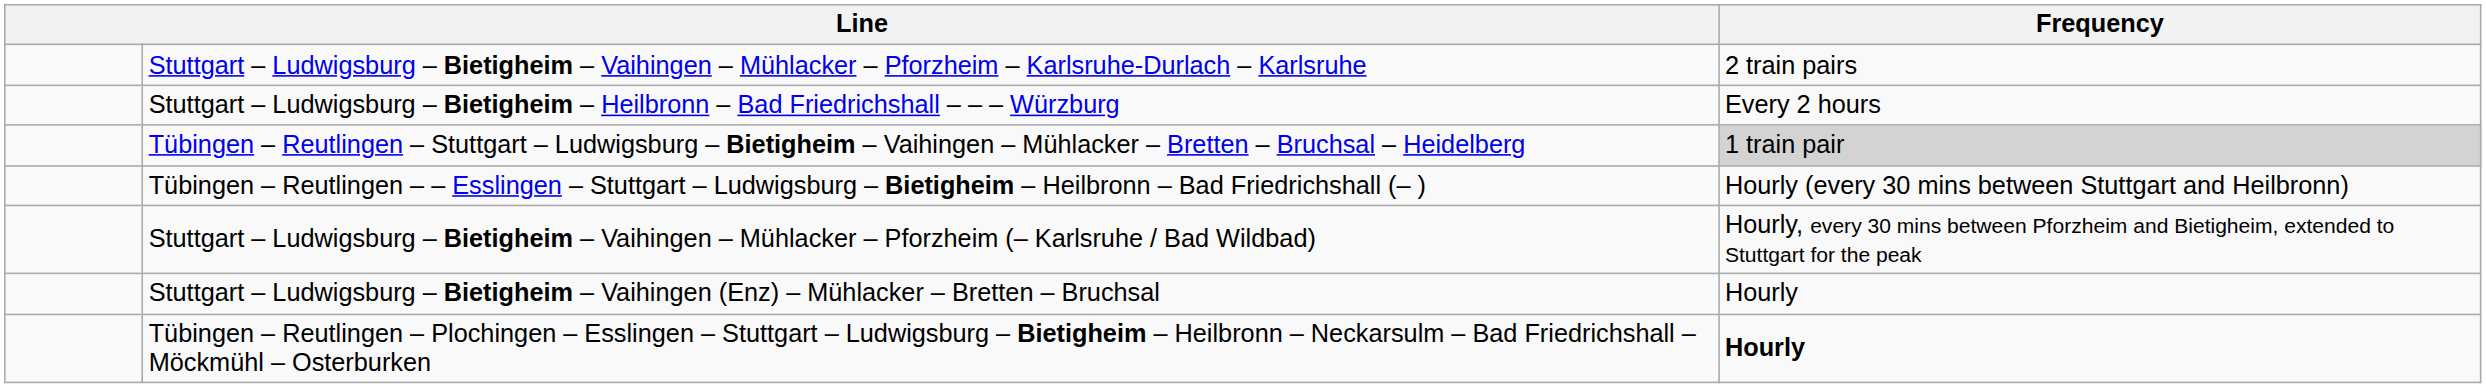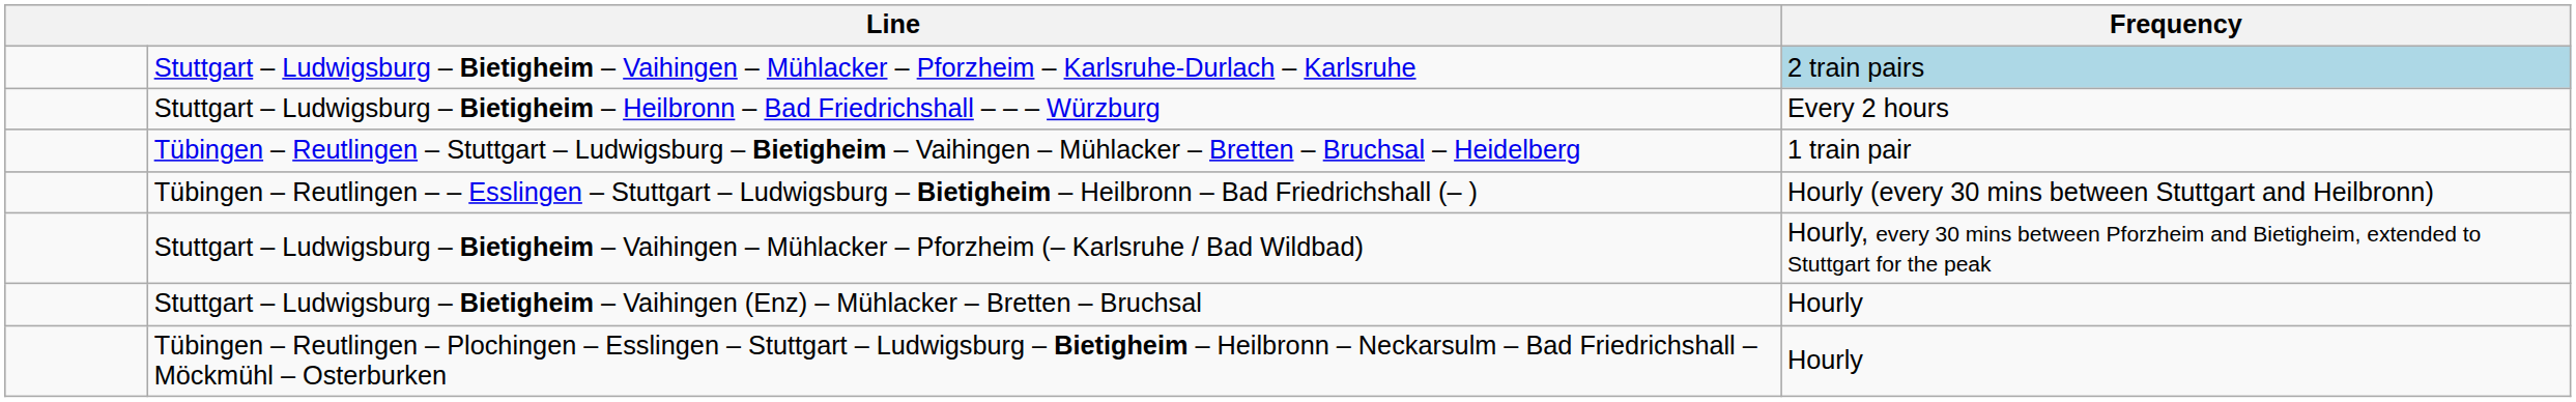 <table class="wikitable">
 <tr>
 <th colspan="2">Line</th>
 <th>Frequency</th>
 </tr>
 <tr>
 <td align="center"></td>
 <td><a href='#'>Stuttgart</a> – <a href='#'>Ludwigsburg</a> – <strong>Bietigheim</strong> – <a href='#'>Vaihingen</a> – <a href='#'>Mühlacker</a> – <a href='#'>Pforzheim</a> – <a href='#'>Karlsruhe-Durlach</a> – <a href='#'>Karlsruhe</a></td>
-<td>2 train pairs</td>
+<td style="background: lightblue;">2 train pairs</td>
 </tr>
 <tr>
 <td align="center" style="width:5em"></td>
 <td>Stuttgart – Ludwigsburg – <strong>Bietigheim</strong> – <a href='#'>Heilbronn</a> – <a href='#'>Bad Friedrichshall</a> –  –  – <a href='#'>Würzburg</a></td>
 <td>Every 2 hours</td>
 </tr>
 <tr>
 <td align="center"></td>
 <td><a href='#'>Tübingen</a> – <a href='#'>Reutlingen</a> – Stuttgart – Ludwigsburg – <strong>Bietigheim</strong> – Vaihingen – Mühlacker – <a href='#'>Bretten</a> – <a href='#'>Bruchsal</a> – <a href='#'>Heidelberg</a></td>
-<td style="background: lightgrey;">1 train pair</td>
+<td>1 train pair</td>
 </tr>
 <tr>
 <td align="center"></td>
 <td>Tübingen – Reutlingen –  – <a href='#'>Esslingen</a> – Stuttgart – Ludwigsburg – <strong>Bietigheim</strong> – Heilbronn – Bad Friedrichshall (– )</td>
 <td>Hourly (every 30 mins between Stuttgart and Heilbronn)</td>
 </tr>
 <tr>
 <td style="text-align:center"></td>
 <td>Stuttgart – Ludwigsburg – <strong>Bietigheim</strong> – Vaihingen – Mühlacker – Pforzheim (– Karlsruhe / Bad Wildbad)</td>
 <td>Hourly, <small> every 30 mins between Pforzheim and Bietigheim, extended to Stuttgart for the peak</small></td>
 </tr>
 <tr>
 <td style="text-align:center"></td>
 <td>Stuttgart – Ludwigsburg – <strong>Bietigheim</strong> – Vaihingen (Enz) – Mühlacker – Bretten – Bruchsal</td>
 <td>Hourly</td>
 </tr>
 <tr>
 <td style="text-align:center"></td>
 <td>Tübingen – Reutlingen – Plochingen – Esslingen – Stuttgart – Ludwigsburg – <strong>Bietigheim</strong> – Heilbronn – Neckarsulm – Bad Friedrichshall – Möckmühl – Osterburken</td>
-<td><strong>Hourly</strong></td>
+<td>Hourly</td>
 </tr>
 </table>
